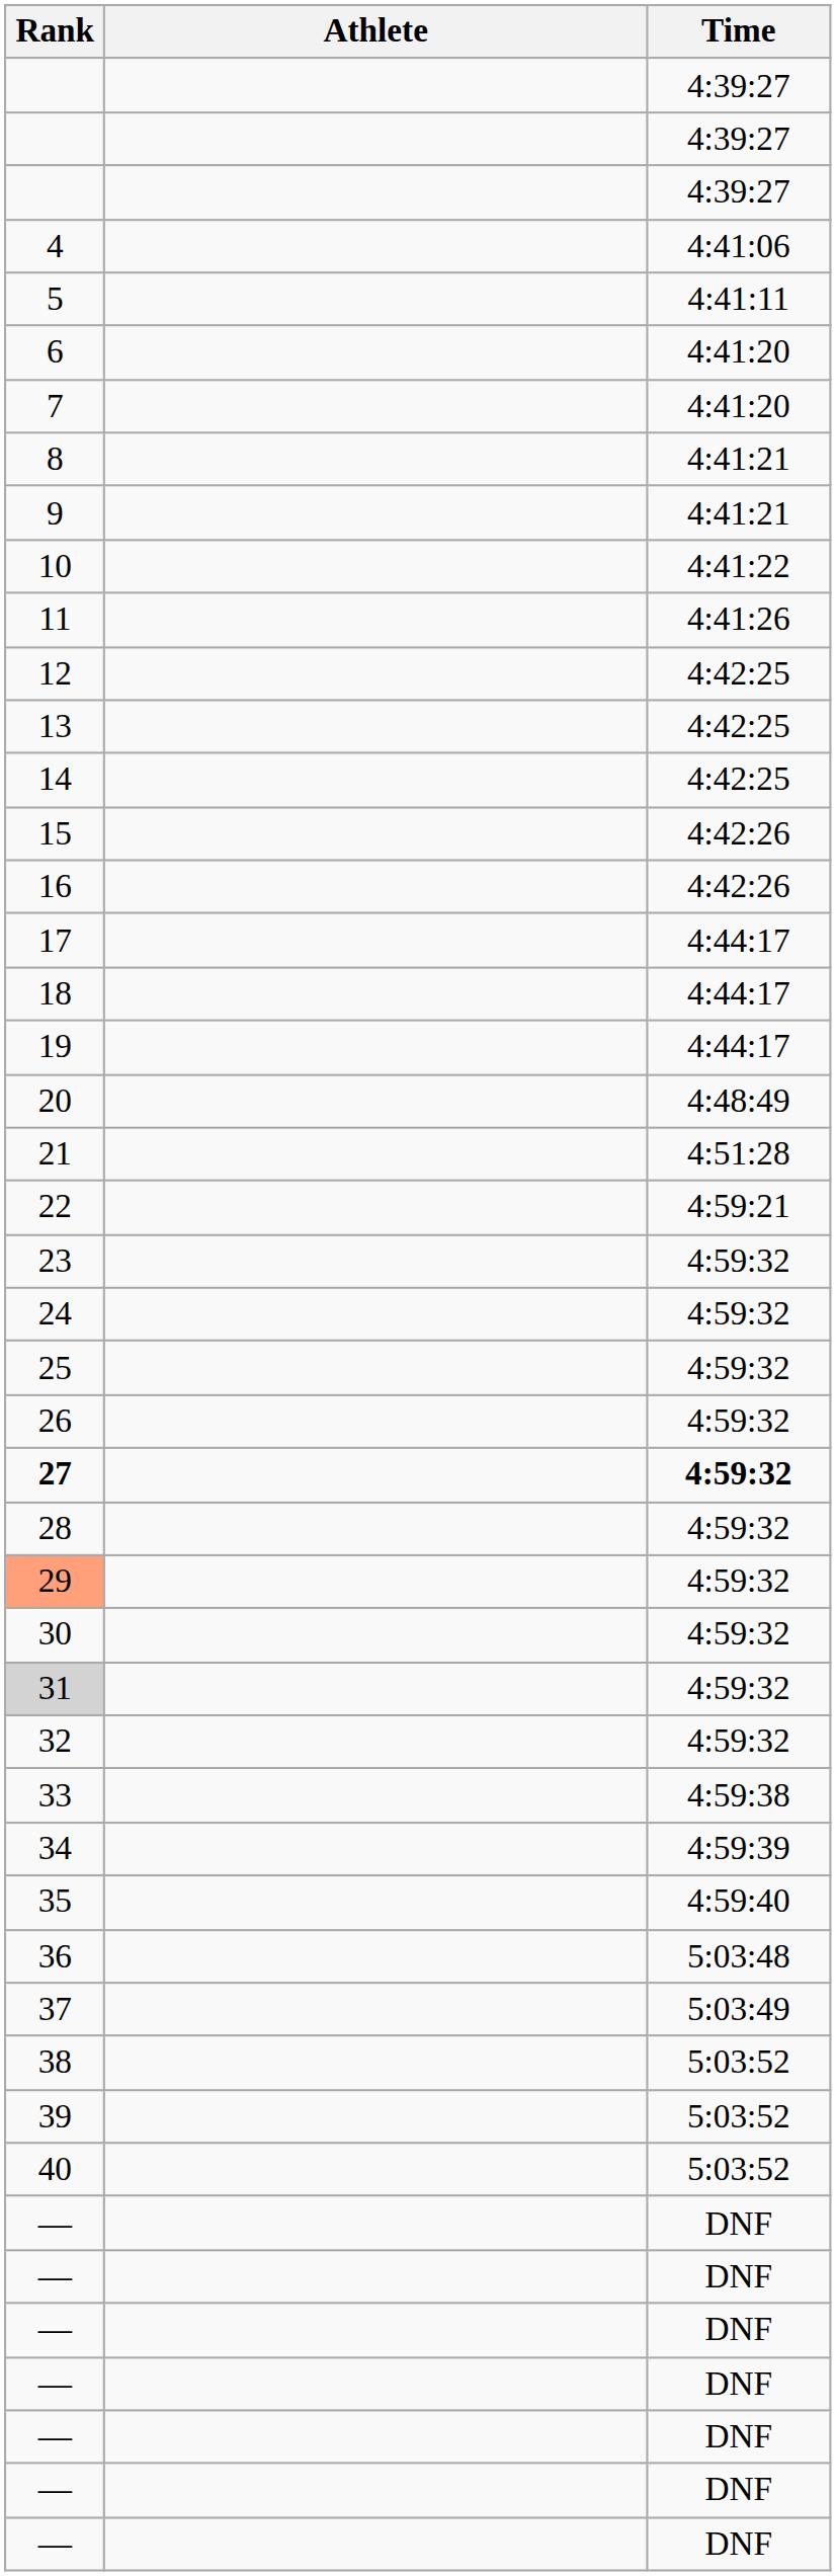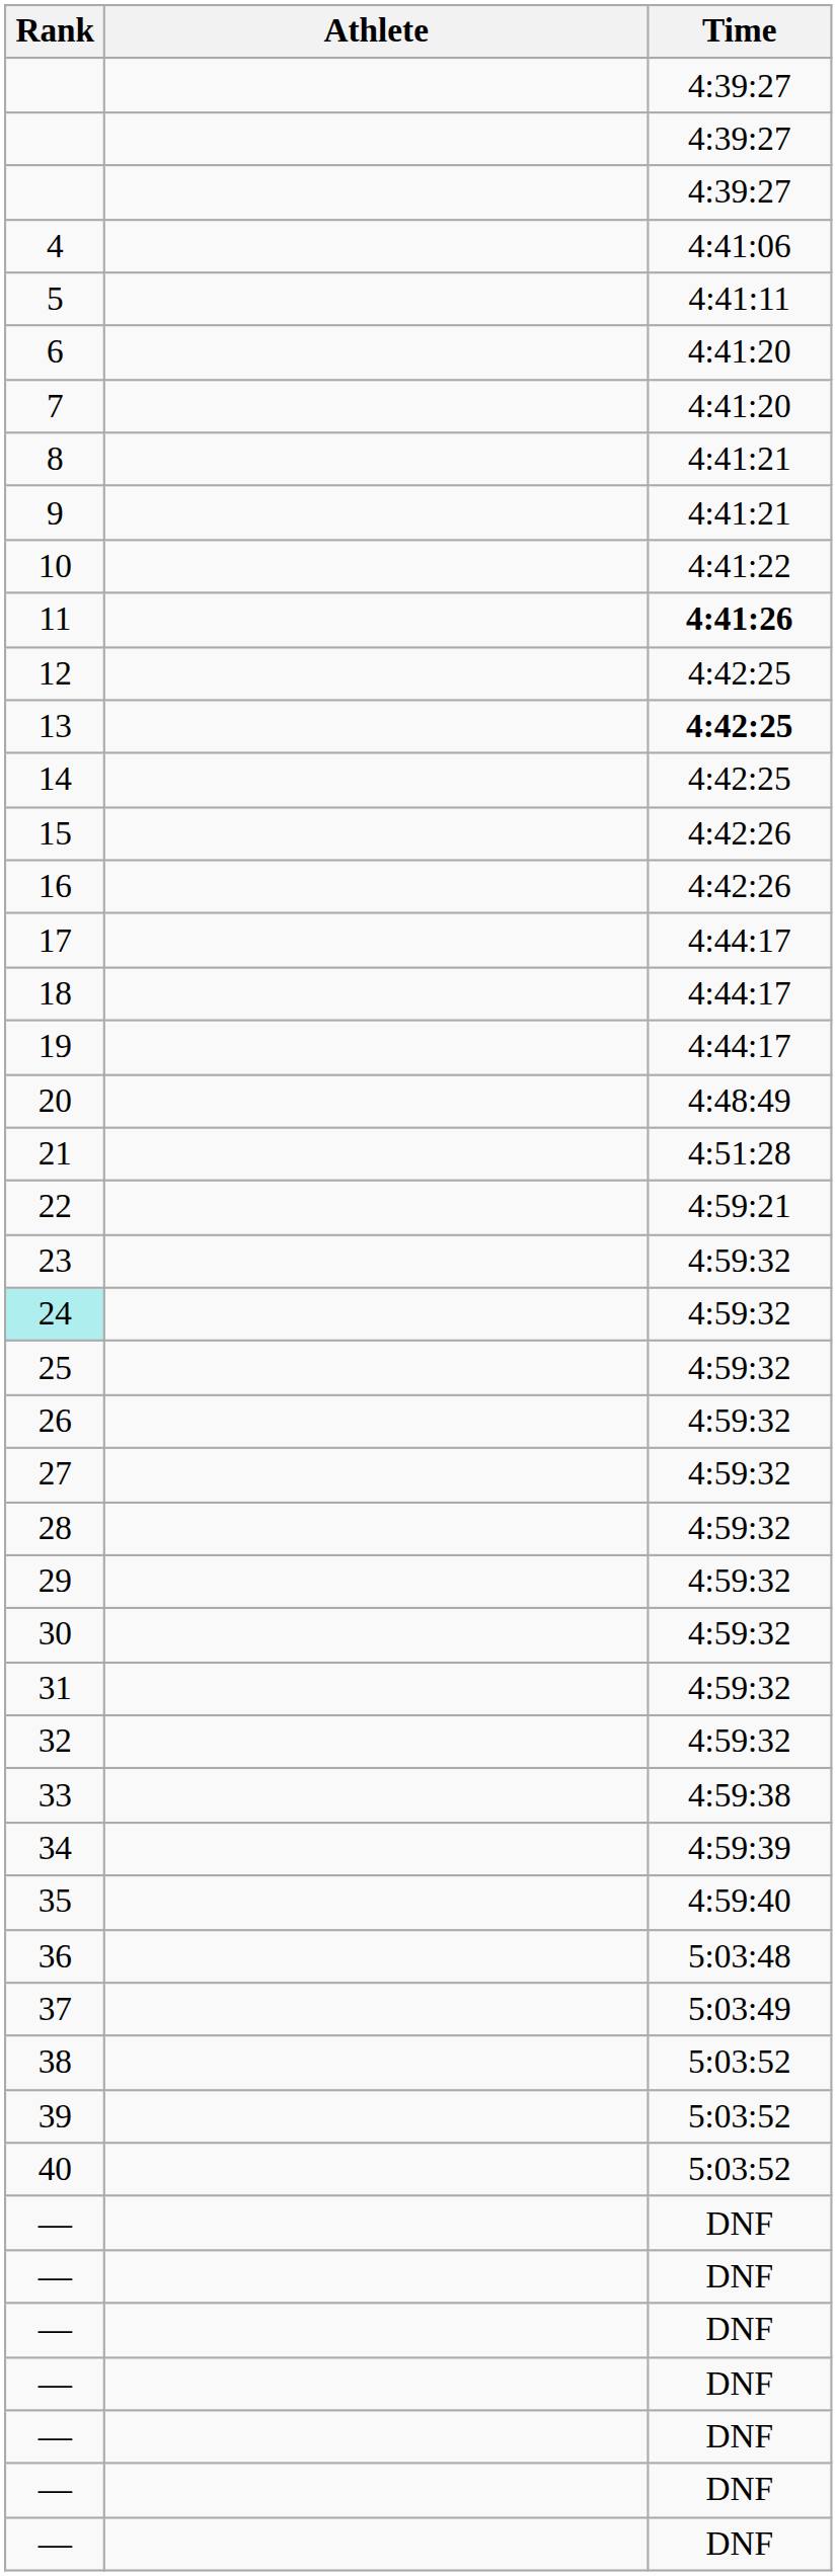 <table class=wikitable style="text-align:center">
 <tr>
 <th width=40>Rank</th>
 <th width=250>Athlete</th>
 <th width=80>Time</th>
 </tr>
 <tr>
 <td></td>
 <td align=left></td>
 <td>4:39:27</td>
 </tr>
 <tr>
 <td></td>
 <td align=left></td>
 <td>4:39:27</td>
 </tr>
 <tr>
 <td></td>
 <td align=left></td>
 <td>4:39:27</td>
 </tr>
 <tr>
 <td>4</td>
 <td align=left></td>
 <td>4:41:06</td>
 </tr>
 <tr>
 <td>5</td>
 <td align=left></td>
 <td>4:41:11</td>
 </tr>
 <tr>
 <td>6</td>
 <td align=left></td>
 <td>4:41:20</td>
 </tr>
 <tr>
 <td>7</td>
 <td align=left></td>
 <td>4:41:20</td>
 </tr>
 <tr>
 <td>8</td>
 <td align=left></td>
 <td>4:41:21</td>
 </tr>
 <tr>
 <td>9</td>
 <td align=left></td>
 <td>4:41:21</td>
 </tr>
 <tr>
 <td>10</td>
 <td align=left></td>
 <td>4:41:22</td>
 </tr>
 <tr>
 <td>11</td>
 <td align=left></td>
-<td>4:41:26</td>
+<td><strong>4:41:26</strong></td>
 </tr>
 <tr>
 <td>12</td>
 <td align=left></td>
 <td>4:42:25</td>
 </tr>
 <tr>
 <td>13</td>
 <td align=left></td>
-<td>4:42:25</td>
+<td><strong>4:42:25</strong></td>
 </tr>
 <tr>
 <td>14</td>
 <td align=left></td>
 <td>4:42:25</td>
 </tr>
 <tr>
 <td>15</td>
 <td align=left></td>
 <td>4:42:26</td>
 </tr>
 <tr>
 <td>16</td>
 <td align=left></td>
 <td>4:42:26</td>
 </tr>
 <tr>
 <td>17</td>
 <td align=left></td>
 <td>4:44:17</td>
 </tr>
 <tr>
 <td>18</td>
 <td align=left></td>
 <td>4:44:17</td>
 </tr>
 <tr>
 <td>19</td>
 <td align=left></td>
 <td>4:44:17</td>
 </tr>
 <tr>
 <td>20</td>
 <td align=left></td>
 <td>4:48:49</td>
 </tr>
 <tr>
 <td>21</td>
 <td align=left></td>
 <td>4:51:28</td>
 </tr>
 <tr>
 <td>22</td>
 <td align=left></td>
 <td>4:59:21</td>
 </tr>
 <tr>
 <td>23</td>
 <td align=left></td>
 <td>4:59:32</td>
 </tr>
 <tr>
-<td>24</td>
+<td style="background: paleturquoise;">24</td>
 <td align=left></td>
 <td>4:59:32</td>
 </tr>
 <tr>
 <td>25</td>
 <td align=left></td>
 <td>4:59:32</td>
 </tr>
 <tr>
 <td>26</td>
 <td align=left></td>
 <td>4:59:32</td>
 </tr>
 <tr>
-<td><strong>27</strong></td>
+<td>27</td>
 <td align=left></td>
-<td><strong>4:59:32</strong></td>
+<td>4:59:32</td>
 </tr>
 <tr>
 <td>28</td>
 <td align=left></td>
 <td>4:59:32</td>
 </tr>
 <tr>
-<td style="background: lightsalmon;">29</td>
+<td>29</td>
 <td align=left></td>
 <td>4:59:32</td>
 </tr>
 <tr>
 <td>30</td>
 <td align=left></td>
 <td>4:59:32</td>
 </tr>
 <tr>
-<td style="background: lightgrey;">31</td>
+<td>31</td>
 <td align=left></td>
 <td>4:59:32</td>
 </tr>
 <tr>
 <td>32</td>
 <td align=left></td>
 <td>4:59:32</td>
 </tr>
 <tr>
 <td>33</td>
 <td align=left></td>
 <td>4:59:38</td>
 </tr>
 <tr>
 <td>34</td>
 <td align=left></td>
 <td>4:59:39</td>
 </tr>
 <tr>
 <td>35</td>
 <td align=left></td>
 <td>4:59:40</td>
 </tr>
 <tr>
 <td>36</td>
 <td align=left></td>
 <td>5:03:48</td>
 </tr>
 <tr>
 <td>37</td>
 <td align=left></td>
 <td>5:03:49</td>
 </tr>
 <tr>
 <td>38</td>
 <td align=left></td>
 <td>5:03:52</td>
 </tr>
 <tr>
 <td>39</td>
 <td align=left></td>
 <td>5:03:52</td>
 </tr>
 <tr>
 <td>40</td>
 <td align=left></td>
 <td>5:03:52</td>
 </tr>
 <tr>
 <td>—</td>
 <td align=left></td>
 <td>DNF</td>
 </tr>
 <tr>
 <td>—</td>
 <td align=left></td>
 <td>DNF</td>
 </tr>
 <tr>
 <td>—</td>
 <td align=left></td>
 <td>DNF</td>
 </tr>
 <tr>
 <td>—</td>
 <td align=left></td>
 <td>DNF</td>
 </tr>
 <tr>
 <td>—</td>
 <td align=left></td>
 <td>DNF</td>
 </tr>
 <tr>
 <td>—</td>
 <td align=left></td>
 <td>DNF</td>
 </tr>
 <tr>
 <td>—</td>
 <td align=left></td>
 <td>DNF</td>
 </tr>
 </table>
